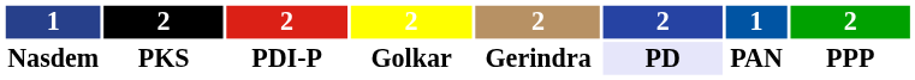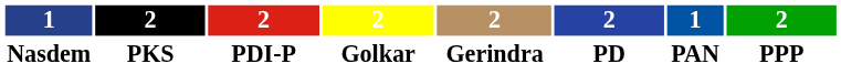 <table style="width:88%; text-align:center;">
 <tr style="color:white;">
 <td style="background:#27408B; width:7.1%;"><strong>1</strong></td>
 <td style="background:#000000; width:14.3%;"><strong>2</strong></td>
 <td style="background:#DB2016; width:14.3%;"><strong>2</strong></td>
 <td style="background:#FFFF00; width:14.3%;"><strong>2</strong></td>
 <td style="background:#B79164; width:14.3%;"><strong>2</strong></td>
 <td style="background:#2643A3; width:14.3%;"><strong>2</strong></td>
 <td style="background:#0054A3; width:7.1%;"><strong>1</strong></td>
 <td style="background:#00A100; width:14.3%;"><strong>2</strong></td>
 </tr>
 <tr>
 <td><span><strong>Nasdem</strong></span></td>
 <td><span><strong>PKS</strong></span></td>
 <td><span><strong>PDI-P</strong></span></td>
 <td><span><strong>Golkar</strong></span></td>
 <td><span><strong>Gerindra</strong></span></td>
-<td style="background: lavender;"><span><strong>PD</strong></span></td>
+<td><span><strong>PD</strong></span></td>
 <td><span><strong>PAN</strong></span></td>
 <td><span><strong>PPP</strong></span></td>
 </tr>
 </table>
